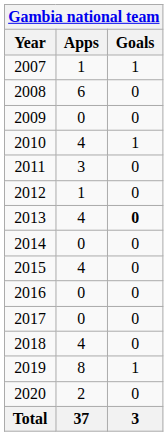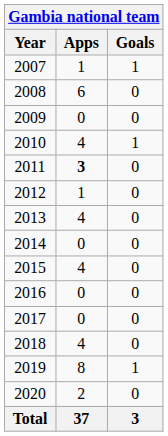 <table class="wikitable" style="text-align:center">
 <tr>
 <th colspan=3><a href='#'>Gambia national team</a></th>
 </tr>
 <tr>
 <th>Year</th>
 <th>Apps</th>
 <th>Goals</th>
 </tr>
 <tr>
 <td>2007</td>
 <td>1</td>
 <td>1</td>
 </tr>
 <tr>
 <td>2008</td>
 <td>6</td>
 <td>0</td>
 </tr>
 <tr>
 <td>2009</td>
 <td>0</td>
 <td>0</td>
 </tr>
 <tr>
 <td>2010</td>
 <td>4</td>
 <td>1</td>
 </tr>
 <tr>
 <td>2011</td>
-<td>3</td>
+<td><strong>3</strong></td>
 <td>0</td>
 </tr>
 <tr>
 <td>2012</td>
 <td>1</td>
 <td>0</td>
 </tr>
 <tr>
 <td>2013</td>
 <td>4</td>
-<td><strong>0</strong></td>
+<td>0</td>
 </tr>
 <tr>
 <td>2014</td>
 <td>0</td>
 <td>0</td>
 </tr>
 <tr>
 <td>2015</td>
 <td>4</td>
 <td>0</td>
 </tr>
 <tr>
 <td>2016</td>
 <td>0</td>
 <td>0</td>
 </tr>
 <tr>
 <td>2017</td>
 <td>0</td>
 <td>0</td>
 </tr>
 <tr>
 <td>2018</td>
 <td>4</td>
 <td>0</td>
 </tr>
 <tr>
 <td>2019</td>
 <td>8</td>
 <td>1</td>
 </tr>
 <tr>
 <td>2020</td>
 <td>2</td>
 <td>0</td>
 </tr>
 <tr>
 <th>Total</th>
 <th>37</th>
 <th>3</th>
 </tr>
 </table>
